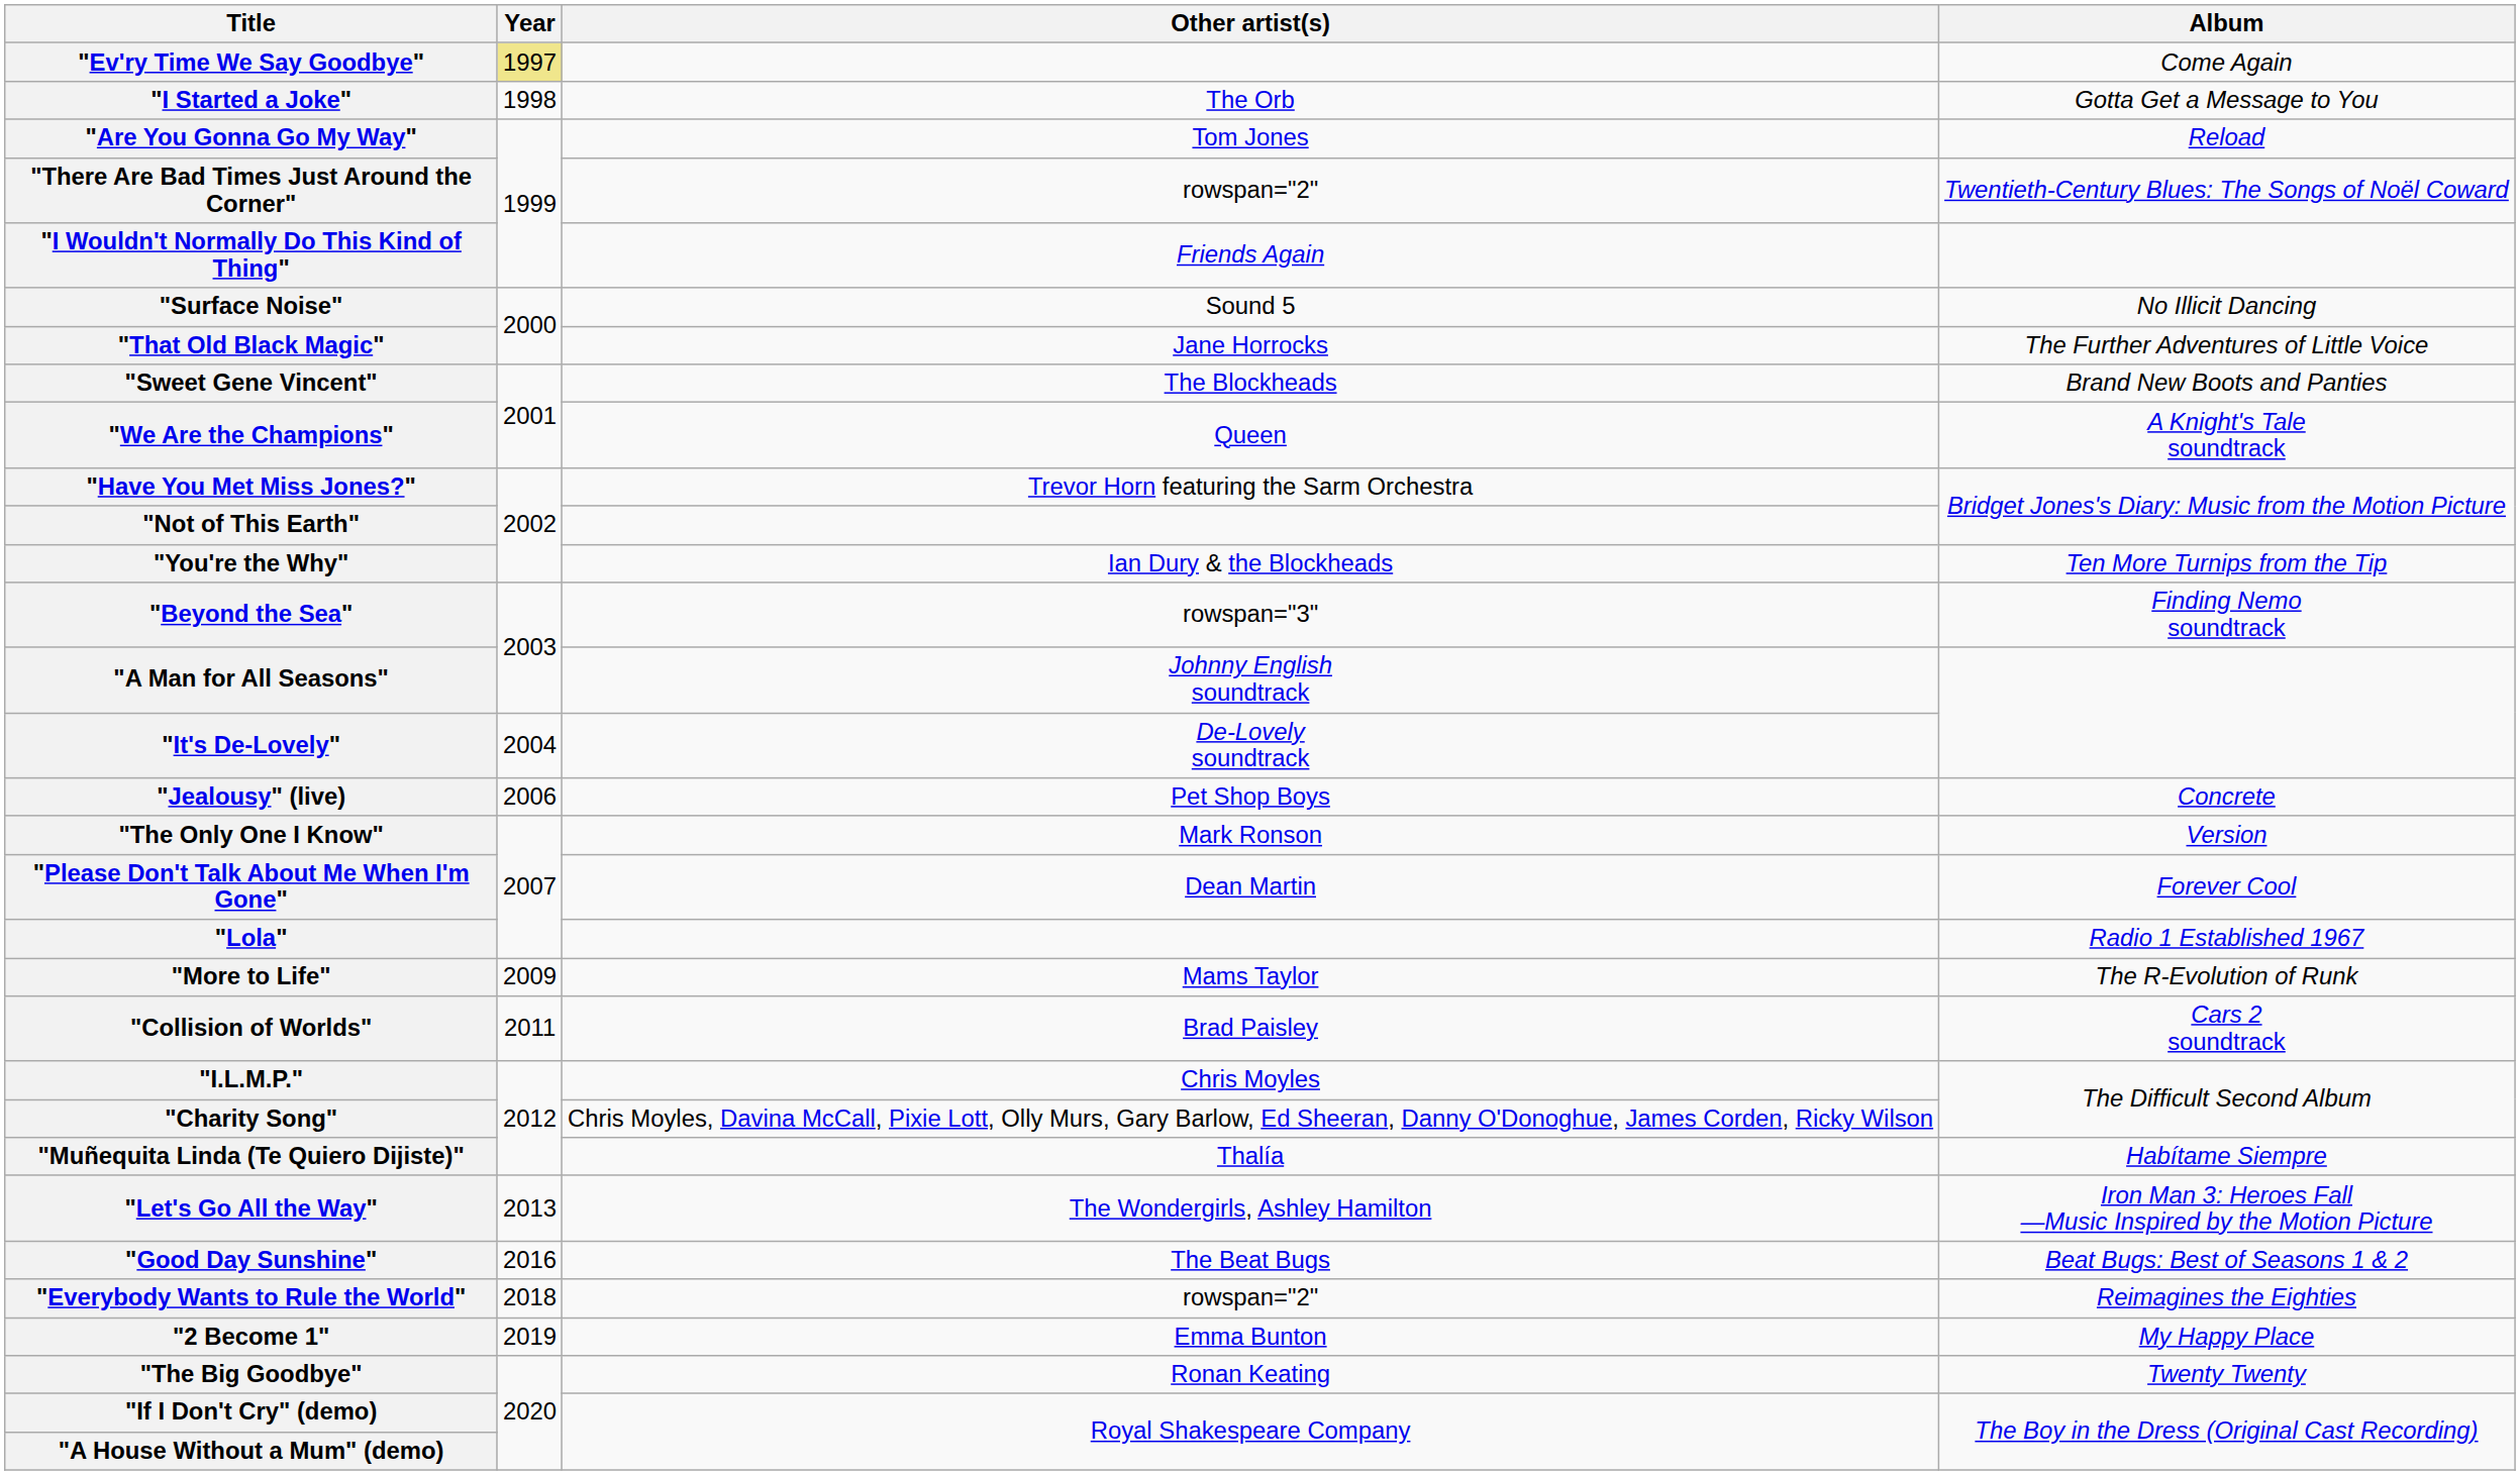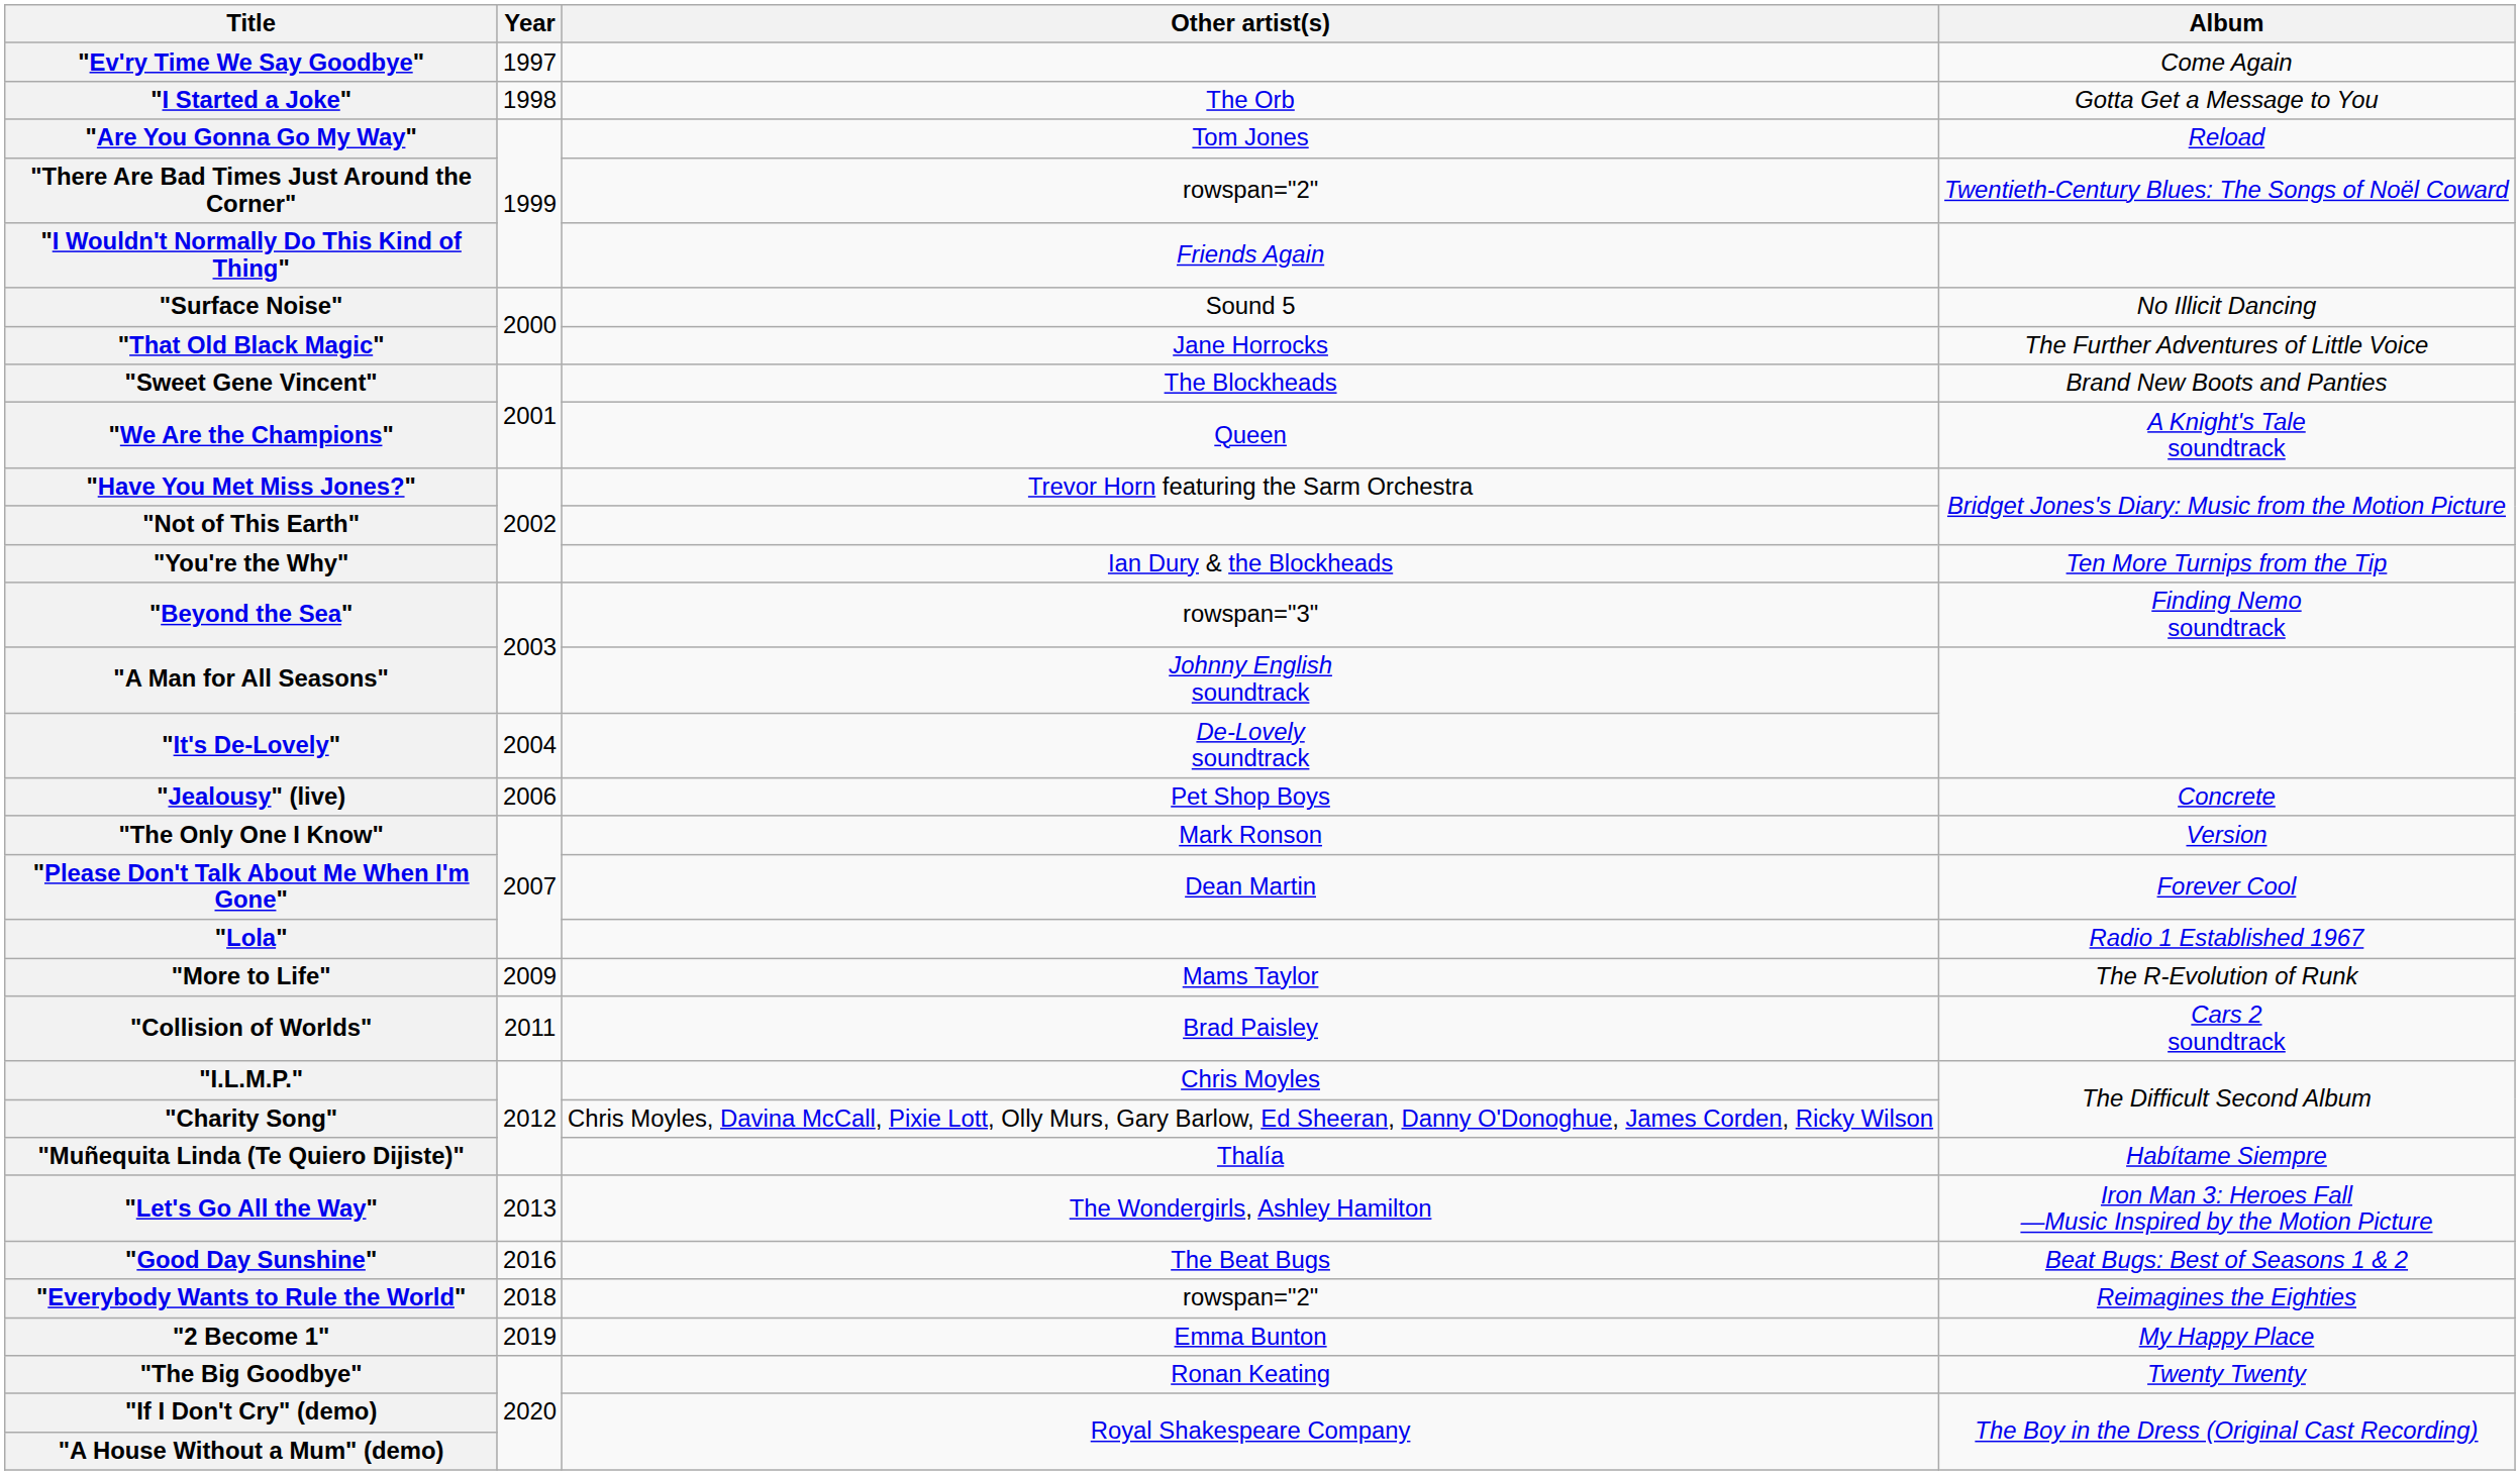 <table class="wikitable plainrowheaders" style="text-align:center;" border="1">
 <tr>
 <th scope="col" style="width:20em;">Title</th>
 <th scope="col">Year</th>
 <th scope="col">Other artist(s)</th>
 <th scope="col">Album</th>
 </tr>
 <tr>
 <th scope="row">"<a href='#'>Ev'ry Time We Say Goodbye</a>"</th>
-<td style="background: khaki;">1997</td>
+<td>1997</td>
 <td></td>
 <td><em>Come Again</em></td>
 </tr>
 <tr>
 <th scope="row">"<a href='#'>I Started a Joke</a>"</th>
 <td>1998</td>
 <td><a href='#'>The Orb</a></td>
 <td><em>Gotta Get a Message to You</em></td>
 </tr>
 <tr>
 <th scope="row">"<a href='#'>Are You Gonna Go My Way</a>"</th>
 <td rowspan="3">1999</td>
 <td><a href='#'>Tom Jones</a></td>
 <td><em><a href='#'>Reload</a></em></td>
 </tr>
 <tr>
 <th scope="row">"There Are Bad Times Just Around the Corner"</th>
 <td>rowspan="2" </td>
 <td><em><a href='#'>Twentieth-Century Blues: The Songs of Noël Coward</a></em></td>
 </tr>
 <tr>
 <th scope="row">"<a href='#'>I Wouldn't Normally Do This Kind of Thing</a>"</th>
 <td><em><a href='#'>Friends Again</a></em></td>
 </tr>
 <tr>
 <th scope="row">"Surface Noise"</th>
 <td rowspan="2">2000</td>
 <td>Sound 5</td>
 <td><em>No Illicit Dancing</em></td>
 </tr>
 <tr>
 <th scope="row">"<a href='#'>That Old Black Magic</a>"</th>
 <td><a href='#'>Jane Horrocks</a></td>
 <td><em>The Further Adventures of Little Voice</em></td>
 </tr>
 <tr>
 <th scope="row">"Sweet Gene Vincent"</th>
 <td rowspan="2">2001</td>
 <td><a href='#'>The Blockheads</a></td>
 <td><em>Brand New Boots and Panties</em></td>
 </tr>
 <tr>
 <th scope="row">"<a href='#'>We Are the Champions</a>"</th>
 <td><a href='#'>Queen</a></td>
 <td><a href='#'><em>A Knight's Tale</em> <br>soundtrack</a></td>
 </tr>
 <tr>
 <th scope="row">"<a href='#'>Have You Met Miss Jones?</a>"</th>
 <td rowspan="3">2002</td>
 <td><a href='#'>Trevor Horn</a> featuring the Sarm Orchestra</td>
 <td rowspan="2"><em><a href='#'>Bridget Jones's Diary: Music from the Motion Picture</a></em></td>
 </tr>
 <tr>
 <th scope="row">"Not of This Earth"</th>
 </tr>
 <tr>
 <th scope="row">"You're the Why"</th>
 <td><a href='#'>Ian Dury</a> & <a href='#'>the Blockheads</a></td>
 <td><em><a href='#'>Ten More Turnips from the Tip</a></em></td>
 </tr>
 <tr>
 <th scope="row">"<a href='#'>Beyond the Sea</a>"</th>
 <td rowspan="2">2003</td>
 <td>rowspan="3" </td>
 <td><a href='#'><em>Finding Nemo</em> <br>soundtrack</a></td>
 </tr>
 <tr>
 <th scope="row">"A Man for All Seasons"</th>
 <td><a href='#'><em>Johnny English</em> <br>soundtrack</a></td>
 </tr>
 <tr>
 <th scope="row">"<a href='#'>It's De-Lovely</a>"</th>
 <td>2004</td>
 <td><a href='#'><em>De-Lovely</em> <br>soundtrack</a></td>
 </tr>
 <tr>
 <th scope="row">"<a href='#'>Jealousy</a>" (live)</th>
 <td>2006</td>
 <td><a href='#'>Pet Shop Boys</a></td>
 <td><em><a href='#'>Concrete</a></em></td>
 </tr>
 <tr>
 <th scope="row">"The Only One I Know"</th>
 <td rowspan="3">2007</td>
 <td><a href='#'>Mark Ronson</a></td>
 <td><em><a href='#'>Version</a></em></td>
 </tr>
 <tr>
 <th scope="row">"<a href='#'>Please Don't Talk About Me When I'm Gone</a>"</th>
 <td><a href='#'>Dean Martin</a></td>
 <td><em><a href='#'>Forever Cool</a></em></td>
 </tr>
 <tr>
 <th scope="row">"<a href='#'>Lola</a>"</th>
 <td></td>
 <td><em><a href='#'>Radio 1 Established 1967</a></em></td>
 </tr>
 <tr>
 <th scope="row">"More to Life"</th>
 <td>2009</td>
 <td><a href='#'>Mams Taylor</a></td>
 <td><em>The R-Evolution of Runk</em></td>
 </tr>
 <tr>
 <th scope="row">"Collision of Worlds"</th>
 <td>2011</td>
 <td><a href='#'>Brad Paisley</a></td>
 <td><a href='#'><em>Cars 2</em> <br>soundtrack</a></td>
 </tr>
 <tr>
 <th scope="row">"I.L.M.P."</th>
 <td rowspan="3">2012</td>
 <td><a href='#'>Chris Moyles</a></td>
 <td rowspan="2"><em>The Difficult Second Album</em></td>
 </tr>
 <tr>
 <th scope="row">"Charity Song"</th>
 <td>Chris Moyles, <a href='#'>Davina McCall</a>, <a href='#'>Pixie Lott</a>, Olly Murs, Gary Barlow, <a href='#'>Ed Sheeran</a>, <a href='#'>Danny O'Donoghue</a>, <a href='#'>James Corden</a>, <a href='#'>Ricky Wilson</a></td>
 </tr>
 <tr>
 <th scope="row">"Muñequita Linda (Te Quiero Dijiste)"</th>
 <td><a href='#'>Thalía</a></td>
 <td><em><a href='#'>Habítame Siempre</a></em></td>
 </tr>
 <tr>
 <th scope="row">"<a href='#'>Let's Go All the Way</a>"</th>
 <td>2013</td>
 <td><a href='#'>The Wondergirls</a>, <a href='#'>Ashley Hamilton</a></td>
 <td><em><a href='#'>Iron Man 3: Heroes Fall <br>—Music Inspired by the Motion Picture</a></em></td>
 </tr>
 <tr>
 <th scope="row">"<a href='#'>Good Day Sunshine</a>"</th>
 <td>2016</td>
 <td><a href='#'>The Beat Bugs</a></td>
 <td><em><a href='#'>Beat Bugs: Best of Seasons 1 & 2</a></em></td>
 </tr>
 <tr>
 <th scope="row">"<a href='#'>Everybody Wants to Rule the World</a>"</th>
 <td>2018</td>
 <td>rowspan="2" </td>
 <td><em><a href='#'>Reimagines the Eighties</a></em></td>
 </tr>
 <tr>
 <th scope="row">"2 Become 1"</th>
 <td>2019</td>
 <td><a href='#'>Emma Bunton</a></td>
 <td><em><a href='#'>My Happy Place</a></em></td>
 </tr>
 <tr>
 <th scope="row">"The Big Goodbye"</th>
 <td rowspan="3">2020</td>
 <td><a href='#'>Ronan Keating</a></td>
 <td><em><a href='#'>Twenty Twenty</a></em></td>
 </tr>
 <tr>
 <th scope="row">"If I Don't Cry" (demo)</th>
 <td rowspan="2"><a href='#'>Royal Shakespeare Company</a></td>
 <td rowspan="2"><em><a href='#'>The Boy in the Dress (Original Cast Recording)</a></em></td>
 </tr>
 <tr>
 <th scope="row">"A House Without a Mum" (demo)</th>
 </tr>
 </table>
